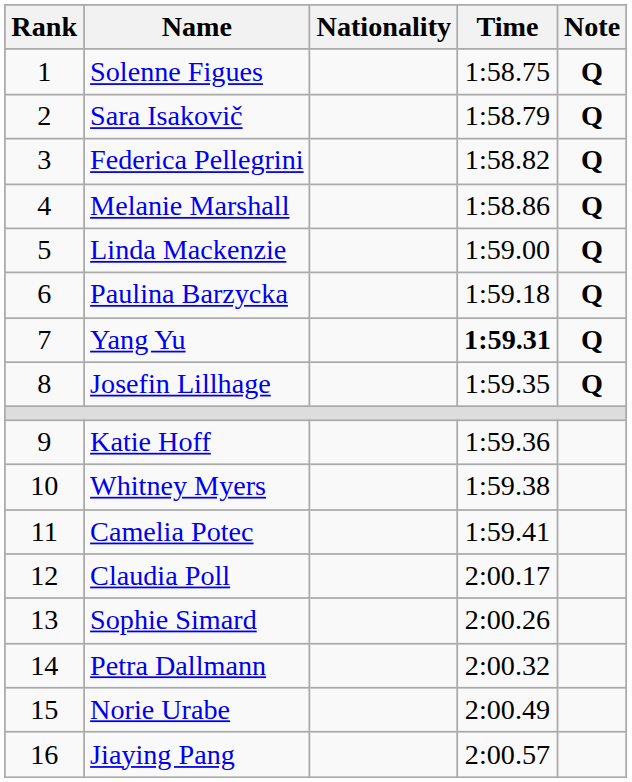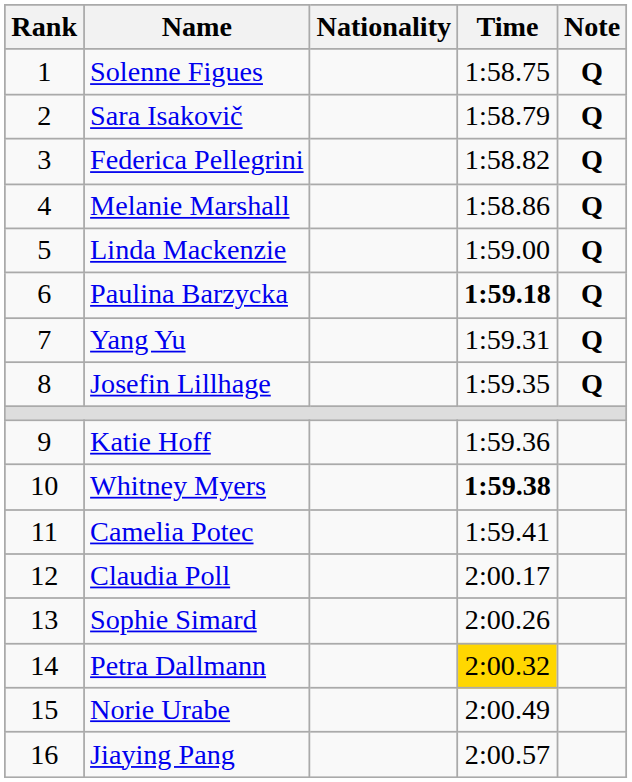 <table class="wikitable" style="text-align:center">
 <tr>
 <th>Rank</th>
 <th>Name</th>
 <th>Nationality</th>
 <th>Time</th>
 <th>Note</th>
 </tr>
 <tr>
 <td>1</td>
 <td align=left><a href='#'>Solenne Figues</a></td>
 <td align=left></td>
 <td>1:58.75</td>
 <td><strong>Q</strong></td>
 </tr>
 <tr>
 <td>2</td>
 <td align=left><a href='#'>Sara Isakovič</a></td>
 <td align=left></td>
 <td>1:58.79</td>
 <td><strong>Q</strong></td>
 </tr>
 <tr>
 <td>3</td>
 <td align=left><a href='#'>Federica Pellegrini</a></td>
 <td align=left></td>
 <td>1:58.82</td>
 <td><strong>Q</strong></td>
 </tr>
 <tr>
 <td>4</td>
 <td align=left><a href='#'>Melanie Marshall</a></td>
 <td align=left></td>
 <td>1:58.86</td>
 <td><strong>Q</strong></td>
 </tr>
 <tr>
 <td>5</td>
 <td align=left><a href='#'>Linda Mackenzie</a></td>
 <td align=left></td>
 <td>1:59.00</td>
 <td><strong>Q</strong></td>
 </tr>
 <tr>
 <td>6</td>
 <td align=left><a href='#'>Paulina Barzycka</a></td>
 <td align=left></td>
-<td>1:59.18</td>
+<td><strong>1:59.18</strong></td>
 <td><strong>Q</strong></td>
 </tr>
 <tr>
 <td>7</td>
 <td align=left><a href='#'>Yang Yu</a></td>
 <td align=left></td>
-<td><strong>1:59.31</strong></td>
+<td>1:59.31</td>
 <td><strong>Q</strong></td>
 </tr>
 <tr>
 <td>8</td>
 <td align=left><a href='#'>Josefin Lillhage</a></td>
 <td align=left></td>
 <td>1:59.35</td>
 <td><strong>Q</strong></td>
 </tr>
 <tr bgcolor=#DDDDDD>
 <td colspan=5></td>
 </tr>
 <tr>
 <td>9</td>
 <td align=left><a href='#'>Katie Hoff</a></td>
 <td align=left></td>
 <td>1:59.36</td>
 <td></td>
 </tr>
 <tr>
 <td>10</td>
 <td align=left><a href='#'>Whitney Myers</a></td>
 <td align=left></td>
-<td>1:59.38</td>
+<td><strong>1:59.38</strong></td>
 <td></td>
 </tr>
 <tr>
 <td>11</td>
 <td align=left><a href='#'>Camelia Potec</a></td>
 <td align=left></td>
 <td>1:59.41</td>
 <td></td>
 </tr>
 <tr>
 <td>12</td>
 <td align=left><a href='#'>Claudia Poll</a></td>
 <td align=left></td>
 <td>2:00.17</td>
 <td></td>
 </tr>
 <tr>
 <td>13</td>
 <td align=left><a href='#'>Sophie Simard</a></td>
 <td align=left></td>
 <td>2:00.26</td>
 <td></td>
 </tr>
 <tr>
 <td>14</td>
 <td align=left><a href='#'>Petra Dallmann</a></td>
 <td align=left></td>
-<td>2:00.32</td>
+<td style="background: gold;">2:00.32</td>
 <td></td>
 </tr>
 <tr>
 <td>15</td>
 <td align=left><a href='#'>Norie Urabe</a></td>
 <td align=left></td>
 <td>2:00.49</td>
 <td></td>
 </tr>
 <tr>
 <td>16</td>
 <td align=left><a href='#'>Jiaying Pang</a></td>
 <td align=left></td>
 <td>2:00.57</td>
 <td></td>
 </tr>
 <tr>
 </tr>
 </table>
